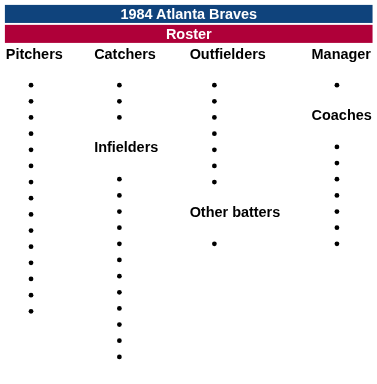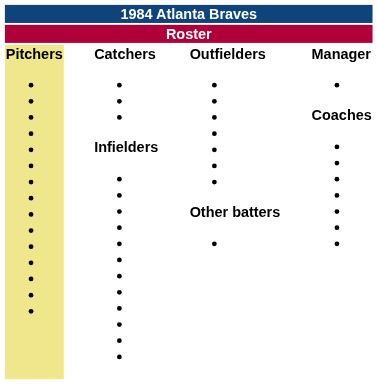 <table class="toccolours" style="font-size: 95%;">
 <tr>
 <th colspan="10" style="background-color: #0f437c; color: #FFFFFF; text-align: center;">1984 Atlanta Braves</th>
 </tr>
 <tr>
 <td colspan="10" style="background-color:#af0039; color: white; text-align: center;"><strong>Roster</strong></td>
 </tr>
 <tr>
-<td valign="top"><strong>Pitchers</strong><br><ul><li></li><li></li><li></li><li></li><li></li><li></li><li></li><li></li><li></li><li></li><li></li><li></li><li></li><li></li><li></li></ul></td>
+<td valign="top" style="background: khaki;"><strong>Pitchers</strong><br><ul><li></li><li></li><li></li><li></li><li></li><li></li><li></li><li></li><li></li><li></li><li></li><li></li><li></li><li></li><li></li></ul></td>
 <td width="25px"></td>
 <td valign="top"><strong>Catchers</strong><br><ul><li></li><li></li><li></li></ul><strong>Infielders</strong><ul><li></li><li></li><li></li><li></li><li></li><li></li><li></li><li></li><li></li><li></li><li></li><li></li></ul></td>
 <td width="25px"></td>
 <td valign="top"><strong>Outfielders</strong><br><ul><li></li><li></li><li></li><li></li><li></li><li></li><li></li></ul><strong>Other batters</strong><ul><li></li></ul></td>
 <td width="25px"></td>
 <td valign="top"><strong>Manager</strong><br><ul><li></li></ul><strong>Coaches</strong><ul><li></li><li></li><li></li><li></li><li></li><li></li><li></li></ul></td>
 </tr>
 </table>
